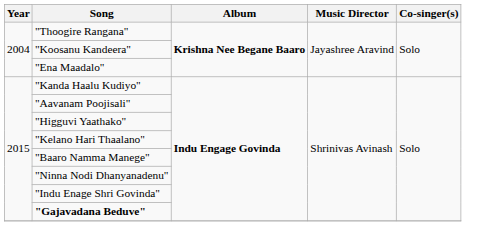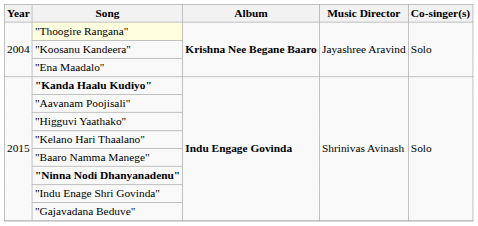 <table class="wikitable">
 <tr>
 <th>Year</th>
 <th>Song</th>
 <th>Album</th>
 <th>Music Director</th>
 <th>Co-singer(s)</th>
 </tr>
 <tr>
 <td rowspan="3">2004</td>
-<td>"Thoogire Rangana"</td>
+<td style="background: lightyellow;">"Thoogire Rangana"</td>
 <td rowspan="3"><strong>Krishna Nee Begane Baaro</strong></td>
 <td rowspan="3">Jayashree Aravind</td>
 <td rowspan="3">Solo</td>
 </tr>
 <tr>
 <td>"Koosanu Kandeera"</td>
 </tr>
 <tr>
 <td>"Ena Maadalo"</td>
 </tr>
 <tr>
 <td rowspan="8">2015</td>
-<td>"Kanda Haalu Kudiyo"</td>
+<td><strong>"Kanda Haalu Kudiyo"</strong></td>
 <td rowspan="8"><strong>Indu Engage Govinda</strong></td>
 <td rowspan="8">Shrinivas Avinash</td>
 <td rowspan="8">Solo</td>
 </tr>
 <tr>
 <td>"Aavanam Poojisali"</td>
 </tr>
 <tr>
 <td>"Higguvi Yaathako"</td>
 </tr>
 <tr>
 <td>"Kelano Hari Thaalano"</td>
 </tr>
 <tr>
 <td>"Baaro Namma Manege"</td>
 </tr>
 <tr>
-<td>"Ninna Nodi Dhanyanadenu"</td>
+<td><strong>"Ninna Nodi Dhanyanadenu"</strong></td>
 </tr>
 <tr>
 <td>"Indu Enage Shri Govinda"</td>
 </tr>
 <tr>
-<td><strong>"Gajavadana Beduve"</strong></td>
+<td>"Gajavadana Beduve"</td>
 </tr>
 <tr>
 </tr>
 </table>
